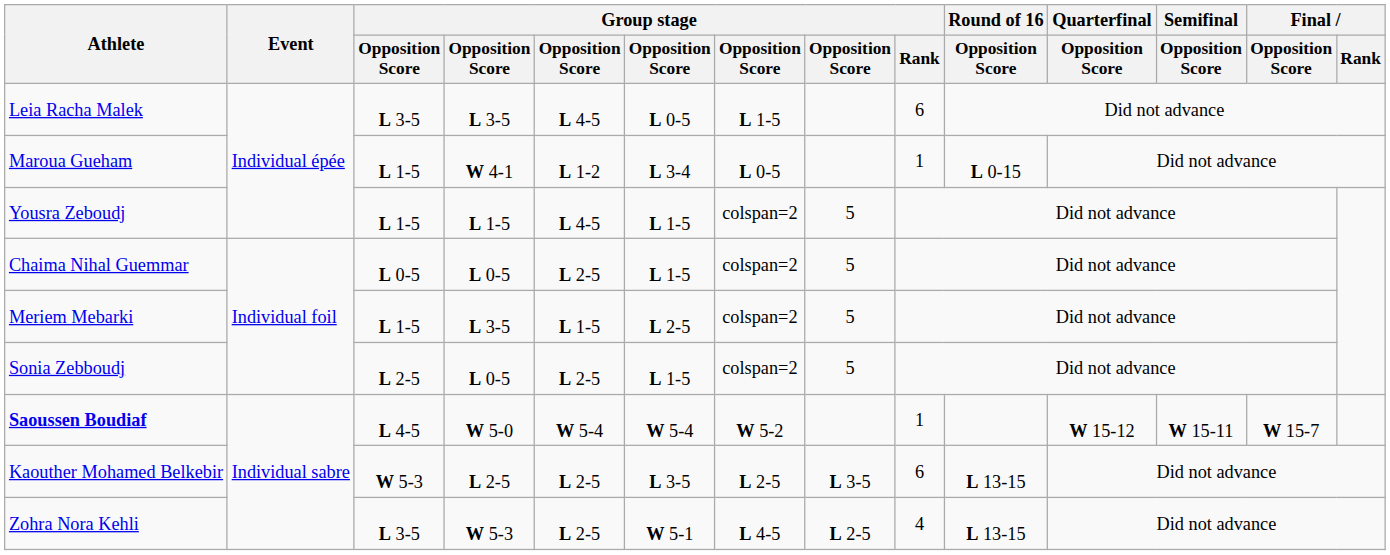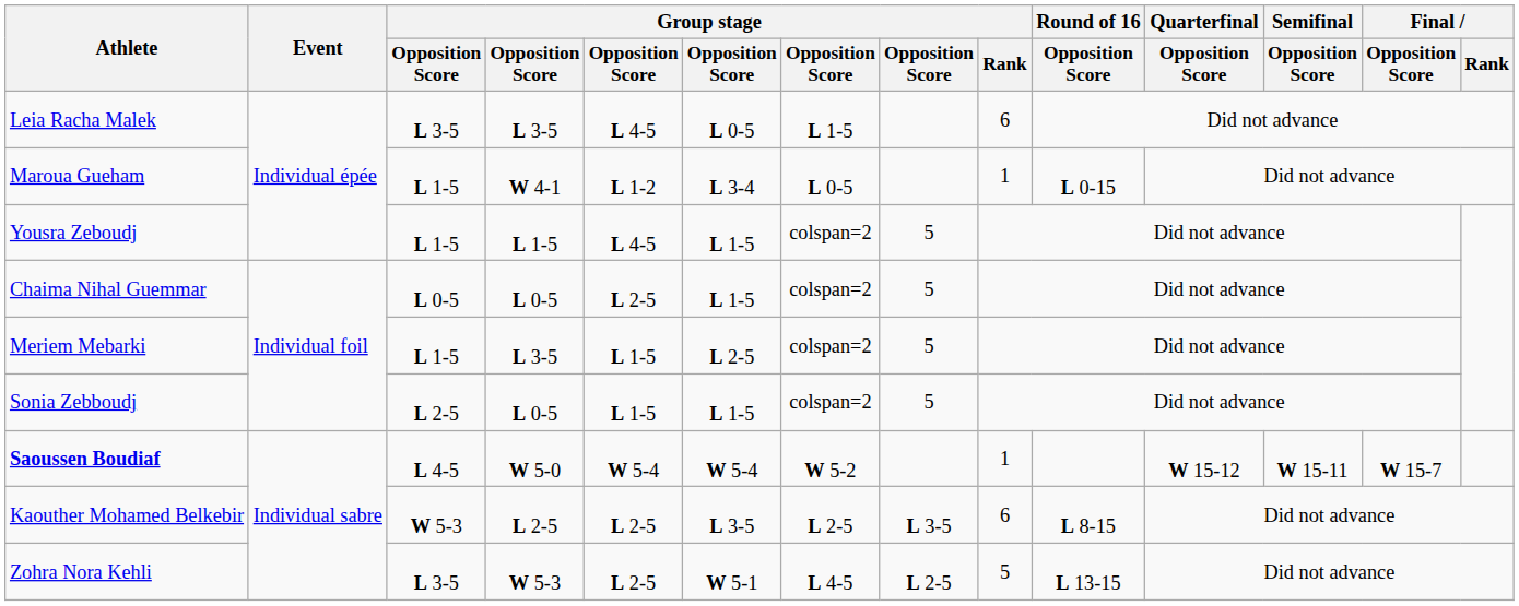 <table class=wikitable style="font-size:90%">
 <tr>
 <th rowspan=2>Athlete</th>
 <th rowspan=2>Event</th>
 <th colspan=7>Group stage</th>
 <th>Round of 16</th>
 <th>Quarterfinal</th>
 <th>Semifinal</th>
 <th colspan=2>Final / </th>
 </tr>
 <tr style="font-size:95%">
 <th>Opposition<br>Score</th>
 <th>Opposition<br>Score</th>
 <th>Opposition<br>Score</th>
 <th>Opposition<br>Score</th>
 <th>Opposition<br>Score</th>
 <th>Opposition<br>Score</th>
 <th>Rank</th>
 <th>Opposition<br>Score</th>
 <th>Opposition<br>Score</th>
 <th>Opposition<br>Score</th>
 <th>Opposition<br>Score</th>
 <th>Rank</th>
 </tr>
 <tr align=center>
 <td align=left><a href='#'>Leia Racha Malek</a></td>
 <td align=left rowspan=3><a href='#'>Individual épée</a></td>
 <td><br><strong>L</strong> 3-5</td>
 <td><br><strong>L</strong> 3-5</td>
 <td><br><strong>L</strong> 4-5</td>
 <td><br><strong>L</strong> 0-5</td>
 <td><br><strong>L</strong> 1-5</td>
 <td></td>
 <td>6</td>
 <td colspan=5>Did not advance</td>
 </tr>
 <tr align=center>
 <td align=left><a href='#'>Maroua Gueham</a></td>
 <td><br><strong>L</strong> 1-5</td>
 <td><br><strong>W</strong> 4-1</td>
 <td><br><strong>L</strong> 1-2</td>
 <td><br><strong>L</strong> 3-4</td>
 <td><br><strong>L</strong> 0-5</td>
 <td></td>
 <td>1</td>
 <td><br><strong>L</strong> 0-15</td>
 <td colspan=4>Did not advance</td>
 </tr>
 <tr align=center>
 <td align=left><a href='#'>Yousra Zeboudj</a></td>
 <td><br><strong>L</strong> 1-5</td>
 <td><br><strong>L</strong> 1-5</td>
 <td><br><strong>L</strong> 4-5</td>
 <td><br><strong>L</strong> 1-5</td>
 <td>colspan=2 </td>
 <td>5</td>
 <td colspan=5>Did not advance</td>
 </tr>
 <tr align=center>
 <td align=left><a href='#'>Chaima Nihal Guemmar</a></td>
 <td align=left rowspan=3><a href='#'>Individual foil</a></td>
 <td><br><strong>L</strong> 0-5</td>
 <td><br><strong>L</strong> 0-5</td>
 <td><br><strong>L</strong> 2-5</td>
 <td><br><strong>L</strong> 1-5</td>
 <td>colspan=2 </td>
 <td>5</td>
 <td colspan=5>Did not advance</td>
 </tr>
 <tr align=center>
 <td align=left><a href='#'>Meriem Mebarki</a></td>
 <td><br><strong>L</strong> 1-5</td>
 <td><br><strong>L</strong> 3-5</td>
 <td><br><strong>L</strong> 1-5</td>
 <td><br><strong>L</strong> 2-5</td>
 <td>colspan=2 </td>
 <td>5</td>
 <td colspan=5>Did not advance</td>
 </tr>
 <tr align=center>
 <td align=left><a href='#'>Sonia Zebboudj</a></td>
 <td><br><strong>L</strong> 2-5</td>
 <td><br><strong>L</strong> 0-5</td>
-<td><br><strong>L</strong> 2-5</td>
+<td><br><strong>L</strong> 1-5</td>
 <td><br><strong>L</strong> 1-5</td>
 <td>colspan=2 </td>
 <td>5</td>
 <td colspan=5>Did not advance</td>
 </tr>
 <tr align=center>
 <td align=left><strong><a href='#'>Saoussen Boudiaf</a></strong></td>
 <td align=left rowspan=3><a href='#'>Individual sabre</a></td>
 <td><br><strong>L</strong> 4-5</td>
 <td><br><strong>W</strong> 5-0</td>
 <td><br><strong>W</strong> 5-4</td>
 <td><br><strong>W</strong> 5-4</td>
 <td><br><strong>W</strong> 5-2</td>
 <td></td>
 <td>1</td>
 <td></td>
 <td><br><strong>W</strong> 15-12</td>
 <td><br><strong>W</strong> 15-11</td>
 <td><br><strong>W</strong> 15-7</td>
 <td></td>
 </tr>
 <tr align=center>
 <td align=left><a href='#'>Kaouther Mohamed Belkebir</a></td>
 <td><br><strong>W</strong> 5-3</td>
 <td><br><strong>L</strong> 2-5</td>
 <td><br><strong>L</strong> 2-5</td>
 <td><br><strong>L</strong> 3-5</td>
 <td><br><strong>L</strong> 2-5</td>
 <td><br><strong>L</strong> 3-5</td>
 <td>6</td>
-<td><br><strong>L</strong> 13-15</td>
+<td><br><strong>L</strong> 8-15</td>
 <td colspan=4>Did not advance</td>
 </tr>
 <tr align=center>
 <td align=left><a href='#'>Zohra Nora Kehli</a></td>
 <td><br><strong>L</strong> 3-5</td>
 <td><br><strong>W</strong> 5-3</td>
 <td><br><strong>L</strong> 2-5</td>
 <td><br><strong>W</strong> 5-1</td>
 <td><br><strong>L</strong> 4-5</td>
 <td><br><strong>L</strong> 2-5</td>
-<td>4</td>
+<td>5</td>
 <td><br><strong>L</strong> 13-15</td>
 <td colspan=4>Did not advance</td>
 </tr>
 </table>
